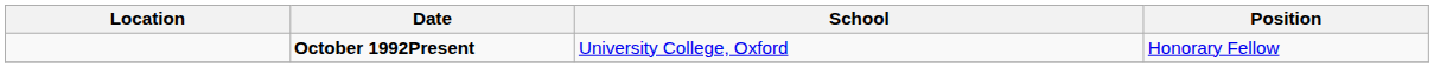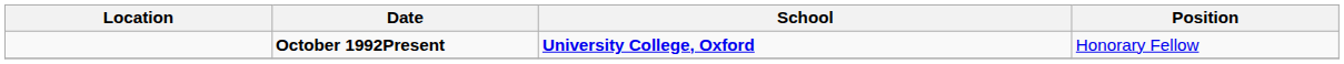 <table class="wikitable" style="width:100%;">
 <tr>
 <th style="width:20%;">Location</th>
 <th style="width:20%;">Date</th>
 <th style="width:40%;">School</th>
 <th style="width:20%;">Position</th>
 </tr>
 <tr>
 <td></td>
 <td><strong>October 1992Present</strong></td>
-<td><a href='#'>University College, Oxford</a></td>
+<td><strong><a href='#'>University College, Oxford</a></strong></td>
 <td><a href='#'>Honorary Fellow</a></td>
 </tr>
 <tr>
 </tr>
 </table>
